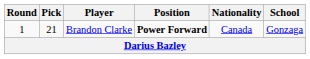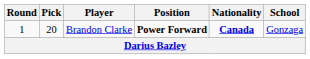 <table class="wikitable sortable sortable">
 <tr>
 <th>Round</th>
 <th>Pick</th>
 <th>Player</th>
 <th>Position</th>
 <th>Nationality</th>
 <th>School</th>
 </tr>
 <tr style="text-align: center">
 <td>1</td>
-<td>21</td>
+<td>20</td>
 <td><a href='#'>Brandon Clarke</a></td>
 <td><strong>Power Forward</strong></td>
-<td> <a href='#'>Canada</a></td>
+<td><strong> <a href='#'>Canada</a></strong></td>
 <td><a href='#'>Gonzaga</a></td>
 </tr>
 <tr>
 <th scope="row" colspan="6" style="text-align:center;”"><a href='#'>Darius Bazley</a> </th>
 </tr>
 </table>
